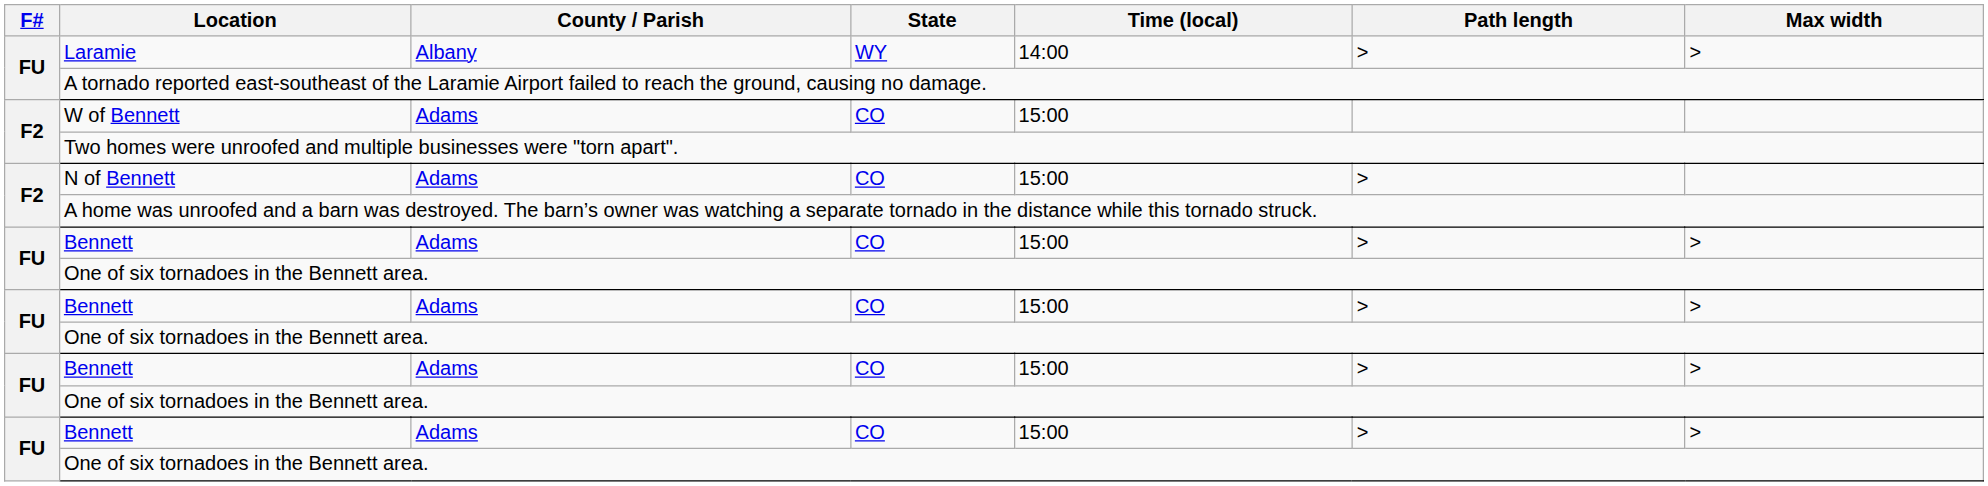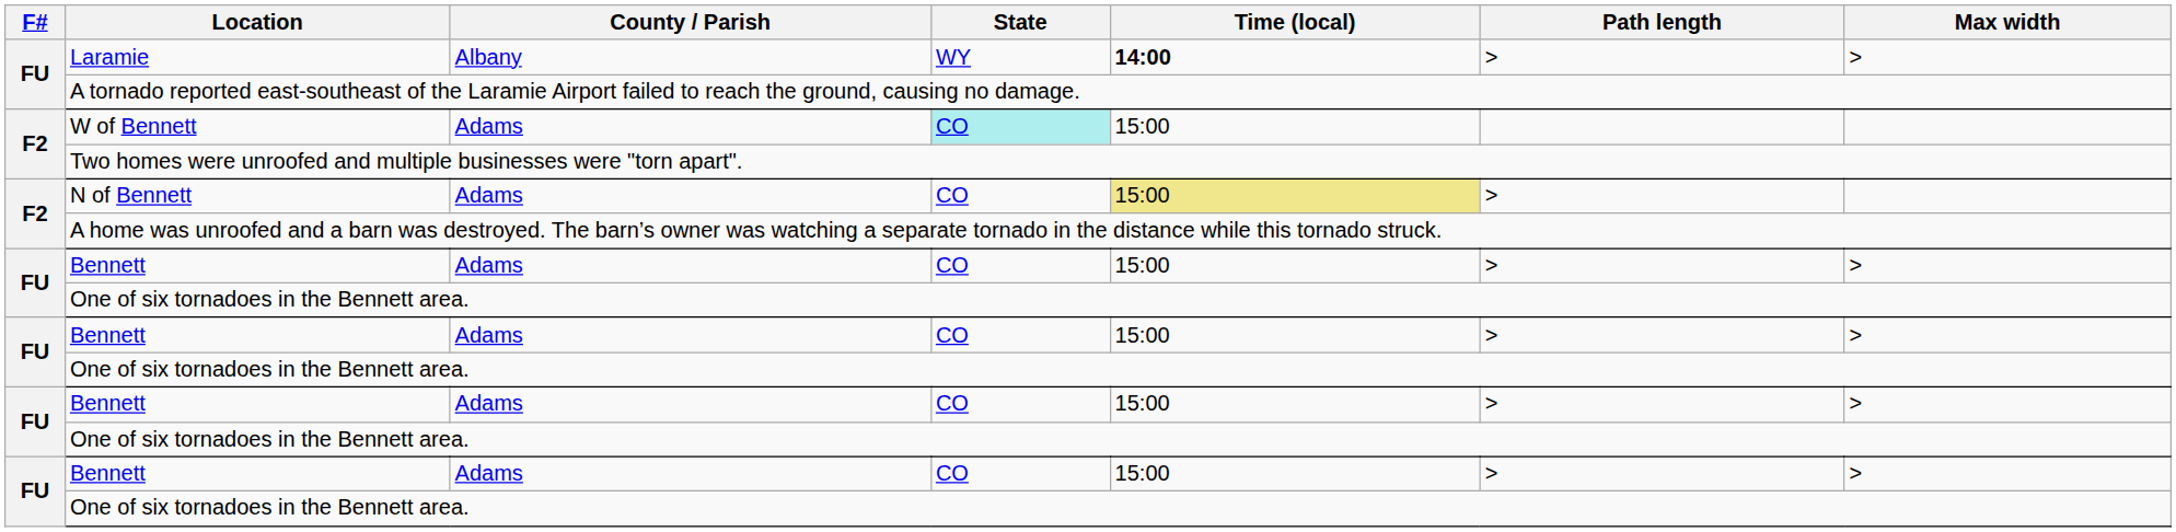 <table class="wikitable sortable" style="width:100%;">
 <tr>
 <th scope="col" align="center"><a href='#'>F#</a><br></th>
 <th scope="col" align="center" class="unsortable">Location</th>
 <th scope="col" align="center" class="unsortable">County / Parish</th>
 <th scope="col" align="center">State</th>
 <th scope="col" align="center">Time (local)</th>
 <th scope="col" align="center">Path length</th>
 <th scope="col" align="center">Max width</th>
 </tr>
 <tr>
 <th scope="row" rowspan="2" style="background-color:#">FU</th>
 <td><a href='#'>Laramie</a></td>
 <td><a href='#'>Albany</a></td>
 <td><a href='#'>WY</a></td>
-<td>14:00</td>
+<td><strong>14:00</strong></td>
 <td>></td>
 <td>></td>
 </tr>
 <tr class="expand-child">
 <td colspan="6" style="border-bottom: 1px solid black;">A tornado reported east-southeast of the Laramie Airport failed to reach the ground, causing no damage.</td>
 </tr>
 <tr>
 <th scope="row" rowspan="2" style="background-color:#">F2</th>
 <td>W of <a href='#'>Bennett</a></td>
 <td><a href='#'>Adams</a></td>
-<td><a href='#'>CO</a></td>
+<td style="background: paleturquoise;"><a href='#'>CO</a></td>
 <td>15:00</td>
 <td></td>
 <td></td>
 </tr>
 <tr class="expand-child">
 <td colspan="6" style="border-bottom: 1px solid black;">Two homes were unroofed and multiple businesses were "torn apart".</td>
 </tr>
 <tr>
 <th scope="row" rowspan="2" style="background-color:#">F2</th>
 <td>N of <a href='#'>Bennett</a></td>
 <td><a href='#'>Adams</a></td>
 <td><a href='#'>CO</a></td>
-<td>15:00</td>
+<td style="background: khaki;">15:00</td>
 <td>></td>
 <td></td>
 </tr>
 <tr class="expand-child">
 <td colspan="6" style="border-bottom: 1px solid black;">A home was unroofed and a barn was destroyed. The barn’s owner was watching a separate tornado in the distance while this tornado struck.</td>
 </tr>
 <tr>
 <th scope="row" rowspan="2" style="background-color:#">FU</th>
 <td><a href='#'>Bennett</a></td>
 <td><a href='#'>Adams</a></td>
 <td><a href='#'>CO</a></td>
 <td>15:00</td>
 <td>></td>
 <td>></td>
 </tr>
 <tr class="expand-child">
 <td colspan="6" style="border-bottom: 1px solid black;">One of six tornadoes in the Bennett area.</td>
 </tr>
 <tr>
 <th scope="row" rowspan="2" style="background-color:#">FU</th>
 <td><a href='#'>Bennett</a></td>
 <td><a href='#'>Adams</a></td>
 <td><a href='#'>CO</a></td>
 <td>15:00</td>
 <td>></td>
 <td>></td>
 </tr>
 <tr class="expand-child">
 <td colspan="6" style="border-bottom: 1px solid black;">One of six tornadoes in the Bennett area.</td>
 </tr>
 <tr>
 <th scope="row" rowspan="2" style="background-color:#">FU</th>
 <td><a href='#'>Bennett</a></td>
 <td><a href='#'>Adams</a></td>
 <td><a href='#'>CO</a></td>
 <td>15:00</td>
 <td>></td>
 <td>></td>
 </tr>
 <tr class="expand-child">
 <td colspan="6" style="border-bottom: 1px solid black;">One of six tornadoes in the Bennett area.</td>
 </tr>
 <tr>
 <th scope="row" rowspan="2" style="background-color:#">FU</th>
 <td><a href='#'>Bennett</a></td>
 <td><a href='#'>Adams</a></td>
 <td><a href='#'>CO</a></td>
 <td>15:00</td>
 <td>></td>
 <td>></td>
 </tr>
 <tr class="expand-child">
 <td colspan="6" style="border-bottom: 1px solid black;">One of six tornadoes in the Bennett area.</td>
 </tr>
 </table>
